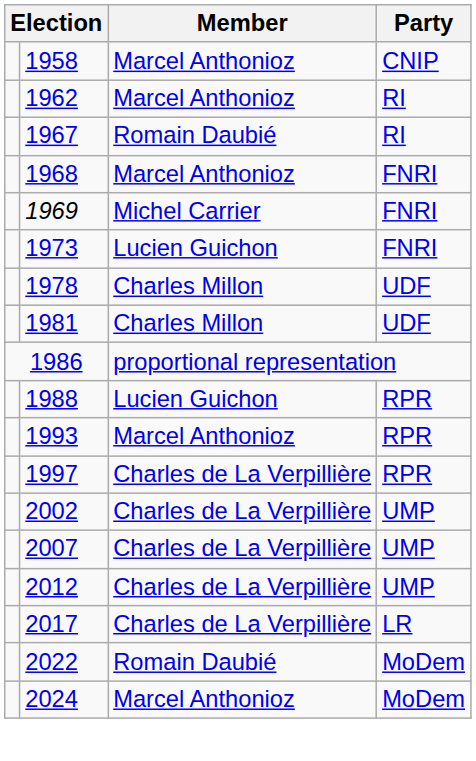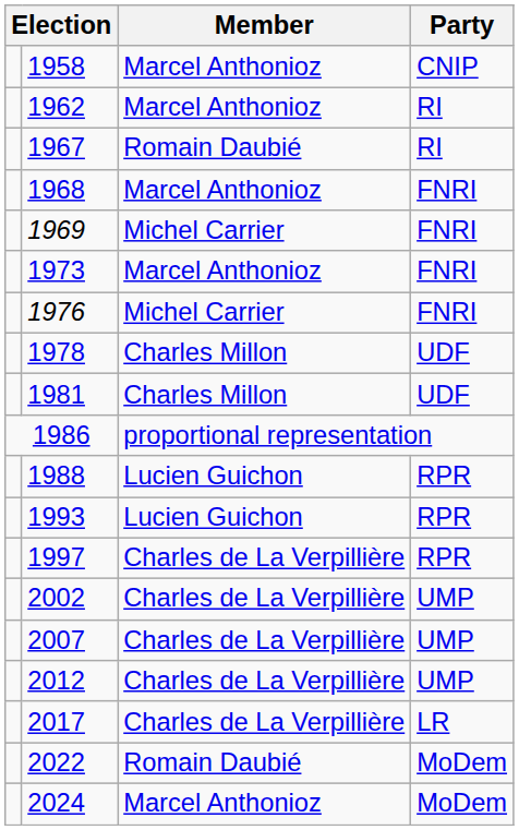 <table class="wikitable">
 <tr>
 <th colspan="2">Election</th>
 <th>Member</th>
 <th>Party</th>
 </tr>
 <tr>
 <td style="color:inherit;background-color: "></td>
 <td><a href='#'>1958</a></td>
 <td><a href='#'>Marcel Anthonioz</a></td>
 <td><a href='#'>CNIP</a></td>
 </tr>
 <tr>
 <td style="color:inherit;background-color: "></td>
 <td><a href='#'>1962</a></td>
 <td><a href='#'>Marcel Anthonioz</a></td>
 <td><a href='#'>RI</a></td>
 </tr>
 <tr>
 <td style="color:inherit;background-color: "></td>
 <td><a href='#'>1967</a></td>
 <td><a href='#'>Romain Daubié</a></td>
 <td><a href='#'>RI</a></td>
 </tr>
 <tr>
 <td style="color:inherit;background-color: "></td>
 <td><a href='#'>1968</a></td>
 <td><a href='#'>Marcel Anthonioz</a></td>
 <td><a href='#'>FNRI</a></td>
 </tr>
 <tr>
 <td style="color:inherit;background-color: "></td>
 <td><em>1969</em></td>
 <td><a href='#'>Michel Carrier</a></td>
 <td><a href='#'>FNRI</a></td>
 </tr>
 <tr>
 <td style="color:inherit;background-color: "></td>
 <td><a href='#'>1973</a></td>
-<td><a href='#'>Lucien Guichon</a></td>
+<td><a href='#'>Marcel Anthonioz</a></td>
+<td><a href='#'>FNRI</a></td>
+</tr>
+<tr>
+<td style="color:inherit;background-color: "></td>
+<td><em>1976</em></td>
+<td><a href='#'>Michel Carrier</a></td>
 <td><a href='#'>FNRI</a></td>
 </tr>
 <tr>
 <td style="color:inherit;background-color: "></td>
 <td><a href='#'>1978</a></td>
 <td><a href='#'>Charles Millon</a></td>
 <td><a href='#'>UDF</a></td>
 </tr>
 <tr>
 <td style="color:inherit;background-color: "></td>
 <td><a href='#'>1981</a></td>
 <td><a href='#'>Charles Millon</a></td>
 <td><a href='#'>UDF</a></td>
 </tr>
 <tr>
 <td colspan="2" align="center"><a href='#'>1986</a></td>
 <td colspan="2"><a href='#'>proportional representation</a></td>
 </tr>
 <tr>
 <td style="color:inherit;background-color: "></td>
 <td><a href='#'>1988</a></td>
 <td><a href='#'>Lucien Guichon</a></td>
 <td><a href='#'>RPR</a></td>
 </tr>
 <tr>
 <td style="color:inherit;background-color: "></td>
 <td><a href='#'>1993</a></td>
-<td><a href='#'>Marcel Anthonioz</a></td>
+<td><a href='#'>Lucien Guichon</a></td>
 <td><a href='#'>RPR</a></td>
 </tr>
 <tr>
 <td style="color:inherit;background-color: "></td>
 <td><a href='#'>1997</a></td>
 <td><a href='#'>Charles de La Verpillière</a></td>
 <td><a href='#'>RPR</a></td>
 </tr>
 <tr>
 <td style="color:inherit;background-color: "></td>
 <td><a href='#'>2002</a></td>
 <td><a href='#'>Charles de La Verpillière</a></td>
 <td><a href='#'>UMP</a></td>
 </tr>
 <tr>
 <td style="color:inherit;background-color: "></td>
 <td><a href='#'>2007</a></td>
 <td><a href='#'>Charles de La Verpillière</a></td>
 <td><a href='#'>UMP</a></td>
 </tr>
 <tr>
 <td style="color:inherit;background-color: "></td>
 <td><a href='#'>2012</a></td>
 <td><a href='#'>Charles de La Verpillière</a></td>
 <td><a href='#'>UMP</a></td>
 </tr>
 <tr>
 <td style="color:inherit;background-color: "></td>
 <td><a href='#'>2017</a></td>
 <td><a href='#'>Charles de La Verpillière</a></td>
 <td><a href='#'>LR</a></td>
 </tr>
 <tr>
 <td style="color:inherit;background-color: "></td>
 <td><a href='#'>2022</a></td>
 <td><a href='#'>Romain Daubié</a></td>
 <td><a href='#'>MoDem</a></td>
 </tr>
 <tr>
 <td style="color:inherit;background-color: "></td>
 <td><a href='#'>2024</a></td>
 <td><a href='#'>Marcel Anthonioz</a></td>
 <td><a href='#'>MoDem</a></td>
 </tr>
 </table>
